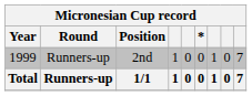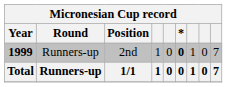 <table class="wikitable" style="text-align: center;">
 <tr>
 <th colspan=9>Micronesian Cup record</th>
 </tr>
 <tr>
 <th>Year</th>
 <th>Round</th>
 <th>Position</th>
 <th></th>
 <th></th>
 <th>*</th>
 <th></th>
 <th></th>
 <th></th>
 </tr>
 <tr bgcolor=Silver>
-<td> 1999</td>
+<td><strong> 1999</strong></td>
 <td>Runners-up</td>
 <td>2nd</td>
 <td>1</td>
 <td>0</td>
-<td>0</td>
+<td><strong>0</strong></td>
 <td>1</td>
 <td>0</td>
 <td>7</td>
 </tr>
 <tr>
 <th>Total</th>
 <th>Runners-up</th>
 <th>1/1</th>
 <th>1</th>
 <th>0</th>
 <th>0</th>
 <th>1</th>
 <th>0</th>
 <th>7</th>
 </tr>
 <tr>
 </tr>
 </table>
